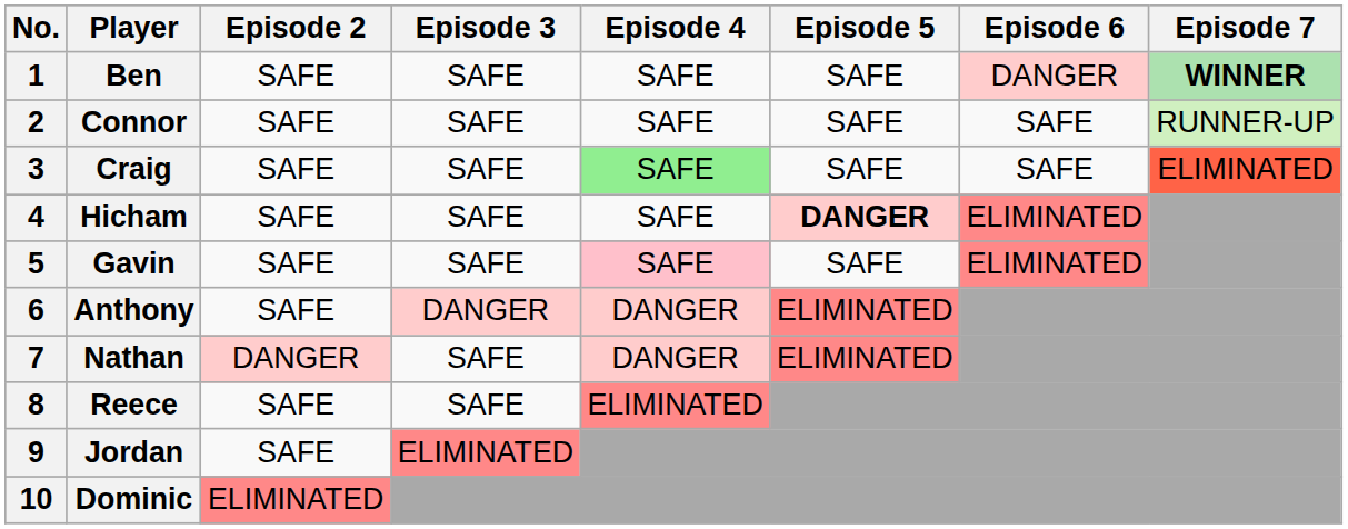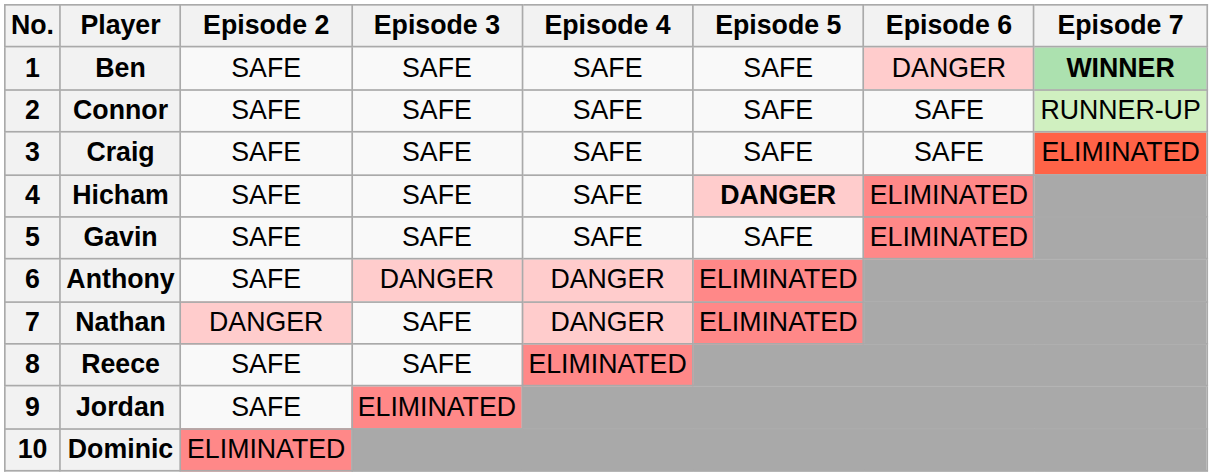 <table class="wikitable" style="text-align:center">
 <tr>
 <th>No.</th>
 <th>Player</th>
 <th>Episode 2</th>
 <th>Episode 3</th>
 <th>Episode 4</th>
 <th>Episode 5</th>
 <th>Episode 6</th>
 <th>Episode 7</th>
 </tr>
 <tr>
 <th>1</th>
 <th>Ben</th>
 <td>SAFE</td>
 <td>SAFE</td>
 <td>SAFE</td>
 <td>SAFE</td>
 <td style="background:#FFCCCC;">DANGER</td>
 <th style="background:#ACE1AF;">WINNER</th>
 </tr>
 <tr>
 <th>2</th>
 <th>Connor</th>
 <td>SAFE</td>
 <td>SAFE</td>
 <td>SAFE</td>
 <td>SAFE</td>
 <td>SAFE</td>
 <td style="background:#D0F0C0;">RUNNER-UP</td>
 </tr>
 <tr>
 <th>3</th>
 <th>Craig</th>
 <td>SAFE</td>
 <td>SAFE</td>
-<td style="background: lightgreen;">SAFE</td>
+<td>SAFE</td>
 <td>SAFE</td>
 <td>SAFE</td>
 <td style="background:tomato;">ELIMINATED</td>
 </tr>
 <tr>
 <th>4</th>
 <th>Hicham</th>
 <td>SAFE</td>
 <td>SAFE</td>
 <td>SAFE</td>
 <td style="background:#FFCCCC;"><strong>DANGER</strong></td>
 <td style="background:#FF8888;">ELIMINATED</td>
 <td colspan="1" style="background:darkgrey;"></td>
 </tr>
 <tr>
 <th>5</th>
 <th>Gavin</th>
 <td>SAFE</td>
 <td>SAFE</td>
-<td style="background: pink;">SAFE</td>
+<td>SAFE</td>
 <td>SAFE</td>
 <td style="background:#FF8888;">ELIMINATED</td>
 <td colspan="1" style="background:darkgrey;"></td>
 </tr>
 <tr>
 <th>6</th>
 <th>Anthony</th>
 <td>SAFE</td>
 <td style="background:#FFCCCC;">DANGER</td>
 <td style="background:#FFCCCC;">DANGER</td>
 <td style="background:#FF8888;">ELIMINATED</td>
 <td colspan="2" style="background:darkgrey;"></td>
 </tr>
 <tr>
 <th>7</th>
 <th>Nathan</th>
 <td style="background:#FFCCCC;">DANGER</td>
 <td>SAFE</td>
 <td style="background:#FFCCCC;">DANGER</td>
 <td style="background:#FF8888;">ELIMINATED</td>
 <td colspan="2" style="background:darkgrey;"></td>
 </tr>
 <tr>
 <th>8</th>
 <th>Reece</th>
 <td>SAFE</td>
 <td>SAFE</td>
 <td style="background:#FF8888;">ELIMINATED</td>
 <td colspan="3" style="background:darkgrey;"></td>
 </tr>
 <tr>
 <th>9</th>
 <th>Jordan</th>
 <td>SAFE</td>
 <td style="background:#FF8888;">ELIMINATED</td>
 <td colspan="4" style="background:darkgrey;"></td>
 </tr>
 <tr>
 <th>10</th>
 <th>Dominic</th>
 <td style="background:#FF8888;">ELIMINATED</td>
 <td colspan="5" style="background:darkgrey;"></td>
 </tr>
 </table>
